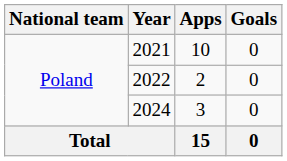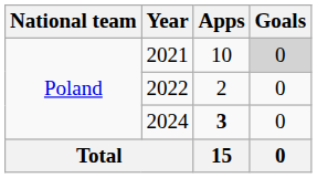 <table class="wikitable" style="text-align:center">
 <tr>
 <th>National team</th>
 <th>Year</th>
 <th>Apps</th>
 <th>Goals</th>
 </tr>
 <tr>
 <td rowspan="3"><a href='#'>Poland</a></td>
 <td>2021</td>
 <td>10</td>
-<td>0</td>
+<td style="background: lightgrey;">0</td>
 </tr>
 <tr>
 <td>2022</td>
 <td>2</td>
 <td>0</td>
 </tr>
 <tr>
 <td>2024</td>
-<td>3</td>
+<td><strong>3</strong></td>
 <td>0</td>
 </tr>
 <tr>
 <th colspan="2">Total</th>
 <th>15</th>
 <th>0</th>
 </tr>
 </table>
